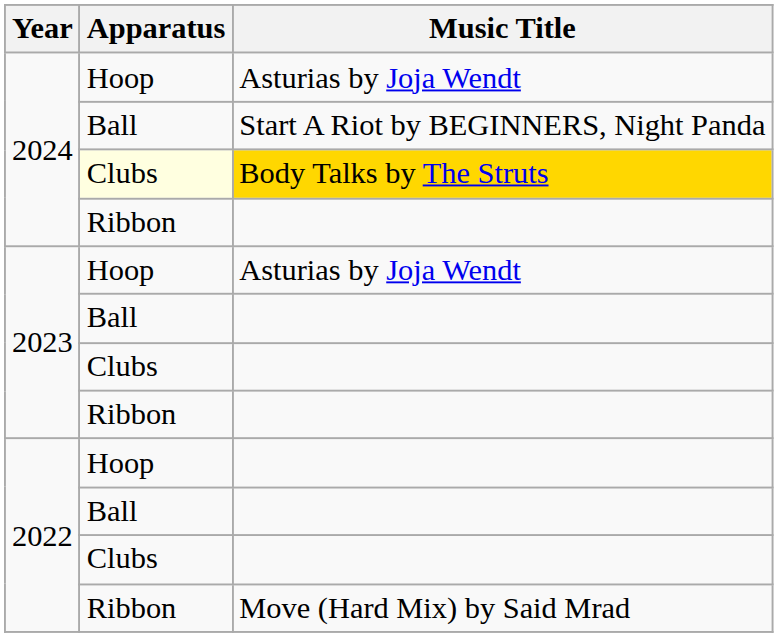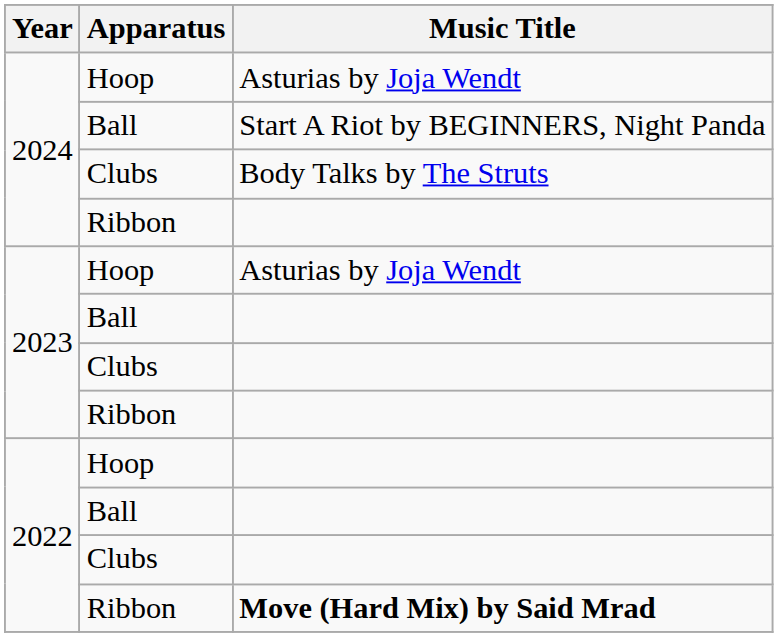 <table class="wikitable">
 <tr>
 <th>Year</th>
 <th>Apparatus</th>
 <th>Music Title</th>
 </tr>
 <tr>
 <td rowspan="4">2024</td>
 <td>Hoop</td>
 <td>Asturias by <a href='#'>Joja Wendt</a></td>
 </tr>
 <tr>
 <td>Ball</td>
 <td>Start A Riot by BEGINNERS, Night Panda</td>
 </tr>
 <tr>
-<td style="background: lightyellow;">Clubs</td>
-<td style="background: gold;">Body Talks by <a href='#'>The Struts</a></td>
+<td>Clubs</td>
+<td>Body Talks by <a href='#'>The Struts</a></td>
 </tr>
 <tr>
 <td>Ribbon</td>
 <td></td>
 </tr>
 <tr>
 <td rowspan="4">2023</td>
 <td>Hoop</td>
 <td>Asturias by <a href='#'>Joja Wendt</a></td>
 </tr>
 <tr>
 <td>Ball</td>
 <td></td>
 </tr>
 <tr>
 <td>Clubs</td>
 <td></td>
 </tr>
 <tr>
 <td>Ribbon</td>
 <td></td>
 </tr>
 <tr>
 <td rowspan="4">2022</td>
 <td>Hoop</td>
 <td></td>
 </tr>
 <tr>
 <td>Ball</td>
 <td></td>
 </tr>
 <tr>
 <td>Clubs</td>
 <td></td>
 </tr>
 <tr>
 <td>Ribbon</td>
-<td>Move (Hard Mix) by Said Mrad</td>
+<td><strong>Move (Hard Mix) by Said Mrad</strong></td>
 </tr>
 </table>
